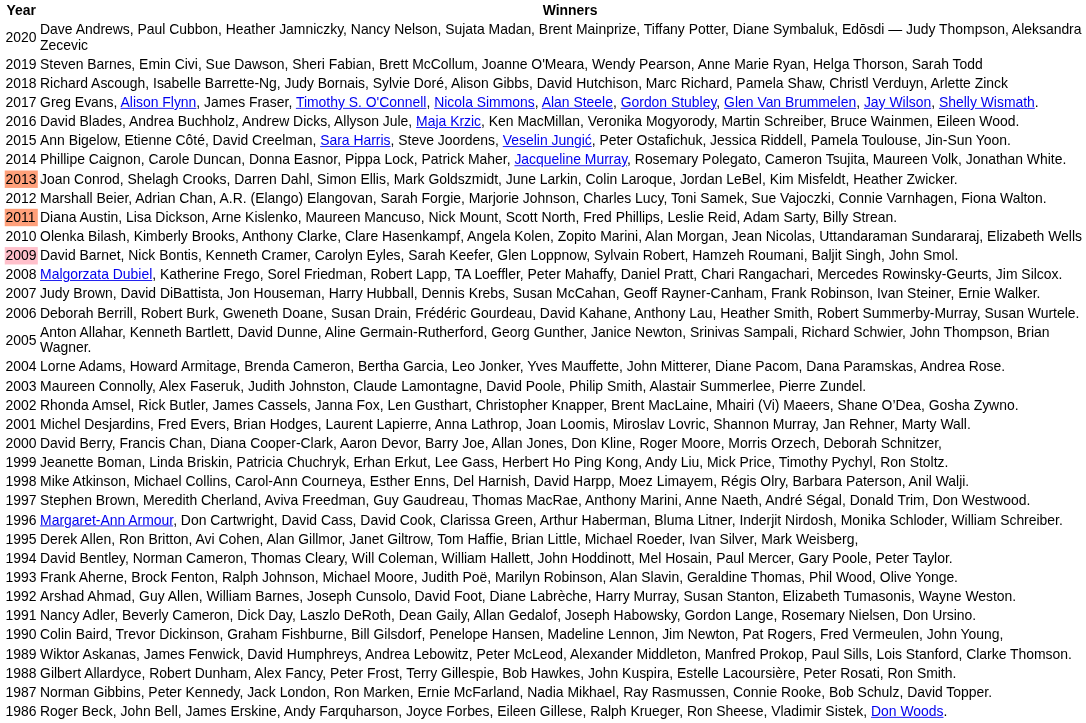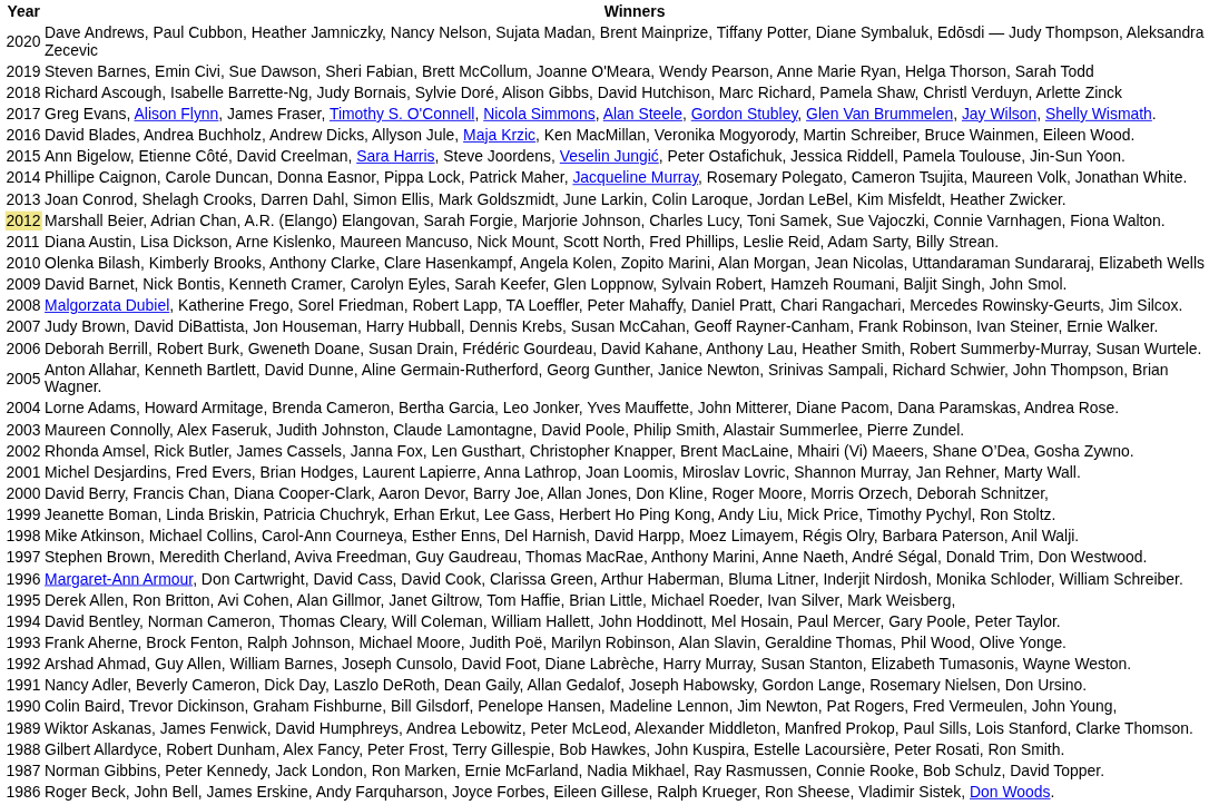 <table class="sortable">
 <tr>
 <th>Year</th>
 <th>Winners</th>
 </tr>
 <tr>
 <td>2020</td>
 <td>Dave Andrews, Paul Cubbon, Heather Jamniczky, Nancy Nelson, Sujata Madan, Brent Mainprize, Tiffany Potter, Diane Symbaluk, Edōsdi — Judy Thompson, Aleksandra Zecevic</td>
 </tr>
 <tr>
 <td>2019</td>
 <td>Steven Barnes, Emin Civi, Sue Dawson, Sheri Fabian, Brett McCollum, Joanne O'Meara, Wendy Pearson, Anne Marie Ryan, Helga Thorson, Sarah Todd</td>
 </tr>
 <tr>
 <td>2018</td>
 <td>Richard Ascough, Isabelle Barrette-Ng, Judy Bornais, Sylvie Doré, Alison Gibbs, David Hutchison, Marc Richard, Pamela Shaw, Christl Verduyn, Arlette Zinck     </td>
 </tr>
 <tr>
 <td>2017</td>
 <td>Greg Evans, <a href='#'>Alison Flynn</a>, James Fraser, <a href='#'>Timothy S. O'Connell</a>, <a href='#'>Nicola Simmons</a>, <a href='#'>Alan Steele</a>, <a href='#'>Gordon Stubley</a>, <a href='#'>Glen Van Brummelen</a>, <a href='#'>Jay Wilson</a>, <a href='#'>Shelly Wismath</a>.</td>
 </tr>
 <tr>
 <td>2016</td>
 <td>David Blades, Andrea Buchholz, Andrew Dicks, Allyson Jule, <a href='#'>Maja Krzic</a>, Ken MacMillan, Veronika Mogyorody, Martin Schreiber, Bruce Wainmen, Eileen Wood.</td>
 </tr>
 <tr>
 <td>2015</td>
 <td>Ann Bigelow, Etienne Côté, David Creelman, <a href='#'>Sara Harris</a>, Steve Joordens, <a href='#'>Veselin Jungić</a>, Peter Ostafichuk, Jessica Riddell, Pamela Toulouse, Jin-Sun Yoon.</td>
 </tr>
 <tr>
 <td>2014</td>
 <td>Phillipe Caignon, Carole Duncan, Donna Easnor, Pippa Lock, Patrick Maher, <a href='#'>Jacqueline Murray</a>, Rosemary Polegato, Cameron Tsujita, Maureen Volk, Jonathan White.</td>
 </tr>
 <tr>
-<td style="background: lightsalmon;">2013</td>
+<td>2013</td>
 <td>Joan Conrod, Shelagh Crooks, Darren Dahl, Simon Ellis, Mark Goldszmidt, June Larkin, Colin Laroque, Jordan LeBel, Kim Misfeldt, Heather Zwicker.</td>
 </tr>
 <tr>
-<td>2012</td>
+<td style="background: khaki;">2012</td>
 <td>Marshall Beier, Adrian Chan, A.R. (Elango) Elangovan, Sarah Forgie, Marjorie Johnson, Charles Lucy, Toni Samek, Sue Vajoczki, Connie Varnhagen, Fiona Walton.</td>
 </tr>
 <tr>
-<td style="background: lightsalmon;">2011</td>
+<td>2011</td>
 <td>Diana Austin, Lisa Dickson, Arne Kislenko, Maureen Mancuso, Nick Mount, Scott North, Fred Phillips, Leslie Reid, Adam Sarty, Billy Strean.</td>
 </tr>
 <tr>
 <td>2010</td>
 <td>Olenka Bilash, Kimberly Brooks, Anthony Clarke, Clare Hasenkampf, Angela Kolen, Zopito Marini, Alan Morgan, Jean Nicolas, Uttandaraman Sundararaj, Elizabeth Wells</td>
 </tr>
 <tr>
-<td style="background: pink;">2009</td>
+<td>2009</td>
 <td>David Barnet, Nick Bontis, Kenneth Cramer, Carolyn Eyles, Sarah Keefer, Glen Loppnow, Sylvain Robert, Hamzeh Roumani, Baljit Singh, John Smol.</td>
 </tr>
 <tr>
 <td>2008</td>
 <td><a href='#'>Malgorzata Dubiel</a>, Katherine Frego, Sorel Friedman, Robert Lapp, TA Loeffler, Peter Mahaffy, Daniel Pratt, Chari Rangachari, Mercedes Rowinsky-Geurts, Jim Silcox.</td>
 </tr>
 <tr>
 <td>2007</td>
 <td>Judy Brown, David DiBattista, Jon Houseman, Harry Hubball, Dennis Krebs, Susan McCahan, Geoff Rayner-Canham, Frank Robinson, Ivan Steiner, Ernie Walker.</td>
 </tr>
 <tr>
 <td>2006</td>
 <td>Deborah Berrill, Robert Burk, Gweneth Doane, Susan Drain, Frédéric Gourdeau, David Kahane, Anthony Lau, Heather Smith, Robert Summerby-Murray, Susan Wurtele.</td>
 </tr>
 <tr>
 <td>2005</td>
 <td>Anton Allahar, Kenneth Bartlett, David Dunne, Aline Germain-Rutherford, Georg Gunther, Janice Newton, Srinivas Sampali, Richard Schwier, John Thompson, Brian Wagner.</td>
 </tr>
 <tr>
 <td>2004</td>
 <td>Lorne Adams, Howard Armitage, Brenda Cameron, Bertha Garcia, Leo Jonker, Yves Mauffette, John Mitterer, Diane Pacom, Dana Paramskas, Andrea Rose.</td>
 </tr>
 <tr>
 <td>2003</td>
 <td>Maureen Connolly, Alex Faseruk, Judith Johnston, Claude Lamontagne, David Poole, Philip Smith, Alastair Summerlee, Pierre Zundel.</td>
 </tr>
 <tr>
 <td>2002</td>
 <td>Rhonda Amsel, Rick Butler, James Cassels, Janna Fox, Len Gusthart, Christopher Knapper, Brent MacLaine, Mhairi (Vi) Maeers, Shane O’Dea, Gosha Zywno.</td>
 </tr>
 <tr>
 <td>2001</td>
 <td>Michel Desjardins, Fred Evers, Brian Hodges, Laurent Lapierre, Anna Lathrop, Joan Loomis, Miroslav Lovric, Shannon Murray, Jan Rehner, Marty Wall.</td>
 </tr>
 <tr>
 <td>2000</td>
 <td>David Berry, Francis Chan, Diana Cooper-Clark, Aaron Devor, Barry Joe, Allan Jones, Don Kline, Roger Moore, Morris Orzech, Deborah Schnitzer,</td>
 </tr>
 <tr>
 <td>1999</td>
 <td>Jeanette Boman, Linda Briskin, Patricia Chuchryk, Erhan Erkut, Lee Gass, Herbert Ho Ping Kong, Andy Liu, Mick Price, Timothy Pychyl, Ron Stoltz.</td>
 </tr>
 <tr>
 <td>1998</td>
 <td>Mike Atkinson, Michael Collins, Carol-Ann Courneya, Esther Enns, Del Harnish, David Harpp, Moez Limayem, Régis Olry, Barbara Paterson, Anil Walji.</td>
 </tr>
 <tr>
 <td>1997</td>
 <td>Stephen Brown, Meredith Cherland, Aviva Freedman, Guy Gaudreau, Thomas MacRae, Anthony Marini, Anne Naeth, André Ségal, Donald Trim, Don Westwood.</td>
 </tr>
 <tr>
 <td>1996</td>
 <td><a href='#'>Margaret-Ann Armour</a>, Don Cartwright, David Cass, David Cook, Clarissa Green, Arthur Haberman, Bluma Litner, Inderjit Nirdosh, Monika Schloder, William Schreiber.</td>
 </tr>
 <tr>
 <td>1995</td>
 <td>Derek Allen, Ron Britton, Avi Cohen, Alan Gillmor, Janet Giltrow, Tom Haffie, Brian Little, Michael Roeder, Ivan Silver, Mark Weisberg,</td>
 </tr>
 <tr>
 <td>1994</td>
 <td>David Bentley, Norman Cameron, Thomas Cleary, Will Coleman, William Hallett, John Hoddinott, Mel Hosain, Paul Mercer, Gary Poole, Peter Taylor.</td>
 </tr>
 <tr>
 <td>1993</td>
 <td>Frank Aherne, Brock Fenton, Ralph Johnson, Michael Moore, Judith Poë, Marilyn Robinson, Alan Slavin, Geraldine Thomas, Phil Wood, Olive Yonge.</td>
 </tr>
 <tr>
 <td>1992</td>
 <td>Arshad Ahmad, Guy Allen, William Barnes, Joseph Cunsolo, David Foot, Diane Labrèche, Harry Murray, Susan Stanton, Elizabeth Tumasonis, Wayne Weston.</td>
 </tr>
 <tr>
 <td>1991</td>
 <td>Nancy Adler, Beverly Cameron, Dick Day, Laszlo DeRoth, Dean Gaily, Allan Gedalof, Joseph Habowsky, Gordon Lange, Rosemary Nielsen, Don Ursino.</td>
 </tr>
 <tr>
 <td>1990</td>
 <td>Colin Baird, Trevor Dickinson, Graham Fishburne, Bill Gilsdorf, Penelope Hansen, Madeline Lennon, Jim Newton, Pat Rogers, Fred Vermeulen, John Young,</td>
 </tr>
 <tr>
 <td>1989</td>
 <td>Wiktor Askanas, James Fenwick, David Humphreys, Andrea Lebowitz, Peter McLeod, Alexander Middleton, Manfred Prokop, Paul Sills, Lois Stanford, Clarke Thomson.</td>
 </tr>
 <tr>
 <td>1988</td>
 <td>Gilbert Allardyce, Robert Dunham, Alex Fancy, Peter Frost, Terry Gillespie, Bob Hawkes, John Kuspira, Estelle Lacoursière, Peter Rosati, Ron Smith.</td>
 </tr>
 <tr>
 <td>1987</td>
 <td>Norman Gibbins, Peter Kennedy, Jack London, Ron Marken, Ernie McFarland, Nadia Mikhael, Ray Rasmussen, Connie Rooke, Bob Schulz, David Topper.</td>
 </tr>
 <tr>
 <td>1986</td>
 <td>Roger Beck, John Bell, James Erskine, Andy Farquharson, Joyce Forbes, Eileen Gillese, Ralph Krueger, Ron Sheese, Vladimir Sistek, <a href='#'>Don Woods</a>.</td>
 </tr>
 </table>
